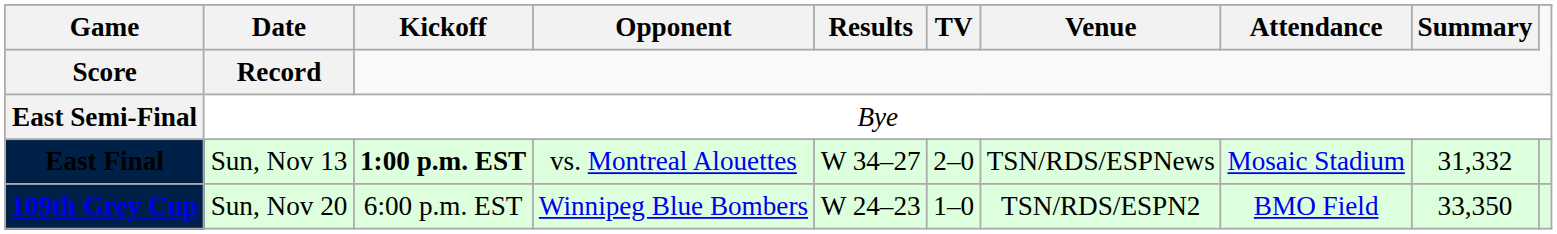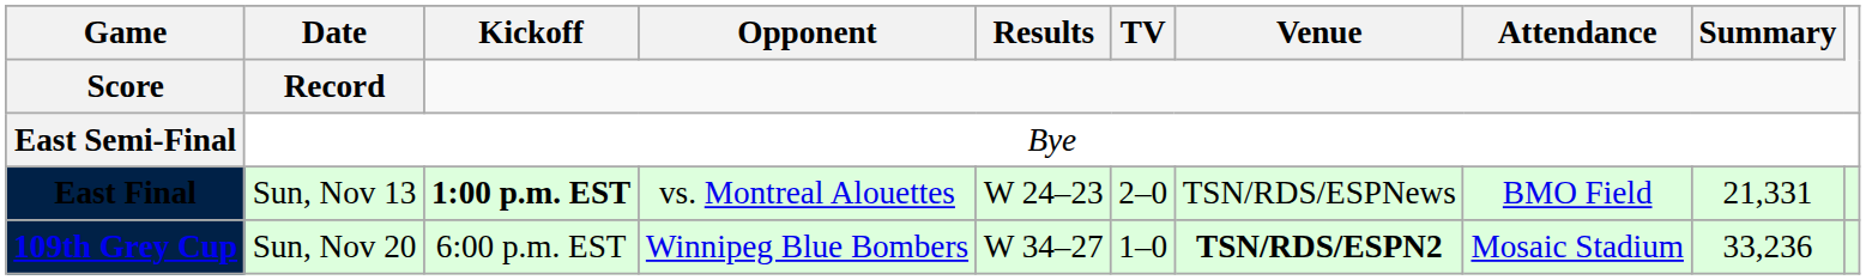 <table class="wikitable" style="font-size: 95%;">
 <tr>
 <th scope="col">Game</th>
 <th scope="col">Date</th>
 <th scope="col">Kickoff</th>
 <th scope="col">Opponent</th>
 <th scope="col">Results</th>
 <th scope="col">TV</th>
 <th scope="col">Venue</th>
 <th scope="col">Attendance</th>
 <th scope="col">Summary</th>
 </tr>
 <tr>
 <th scope="col">Score</th>
 <th scope="col">Record</th>
 </tr>
 <tr bgcolor="#ffffff" align="center">
 <th align="center">East Semi-Final</th>
 <td colspan="9" valign="middle" align="center"><em>Bye</em></td>
 </tr>
 <tr align="center" bgcolor="#ddffdd">
 <th style="text-align:center; background:#002147;"><span>East Final</span></th>
 <td align="center">Sun, Nov 13</td>
 <td align="center"><strong>1:00 p.m. EST</strong></td>
 <td align="center">vs. <a href='#'>Montreal Alouettes</a></td>
-<td align="center">W 34–27</td>
+<td align="center">W 24–23</td>
 <td align="center">2–0</td>
 <td align="center">TSN/RDS/ESPNews</td>
-<td align="center"><a href='#'>Mosaic Stadium</a></td>
-<td align="center">31,332</td>
+<td align="center"><a href='#'>BMO Field</a></td>
+<td align="center">21,331</td>
 <td align="center"></td>
 </tr>
 <tr align="center" bgcolor="#ddffdd">
 <th style="text-align:center; background:#002147;"><span><a href='#'><span>109th Grey Cup</span></a></span></th>
 <td align="center">Sun, Nov 20</td>
 <td align="center">6:00 p.m. EST</td>
 <td align="center"><a href='#'>Winnipeg Blue Bombers</a></td>
-<td align="center">W 24–23</td>
+<td align="center">W 34–27</td>
 <td align="center">1–0</td>
-<td align="center">TSN/RDS/ESPN2</td>
-<td align="center"><a href='#'>BMO Field</a></td>
-<td align="center">33,350</td>
+<td align="center"><strong>TSN/RDS/ESPN2</strong></td>
+<td align="center"><a href='#'>Mosaic Stadium</a></td>
+<td align="center">33,236</td>
 <td align="center"></td>
 </tr>
 </table>
